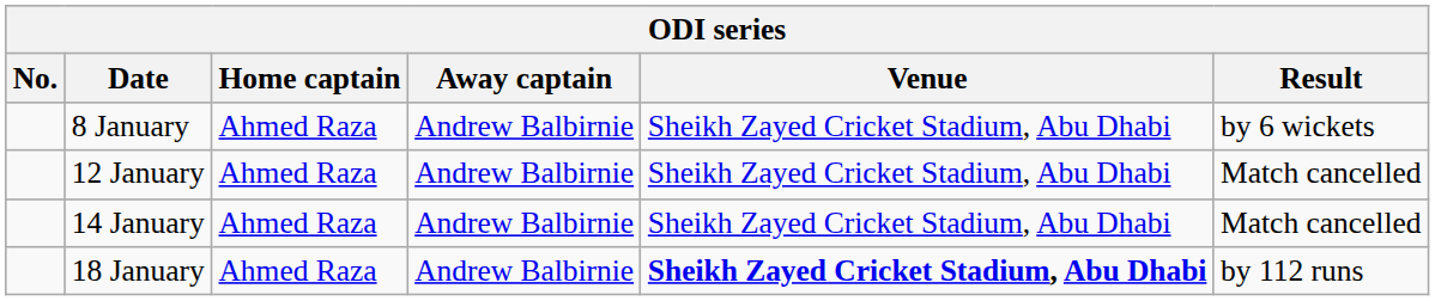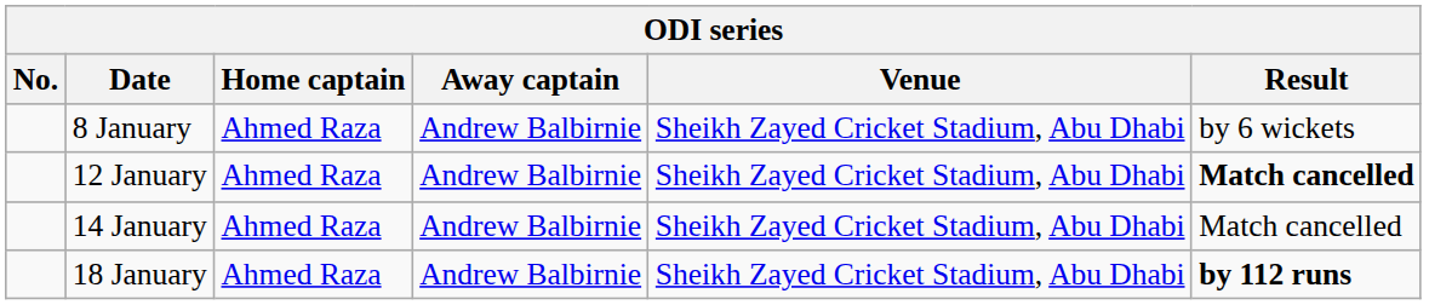 <table class="wikitable">
 <tr>
 <th colspan="9">ODI series</th>
 </tr>
 <tr>
 <th>No.</th>
 <th>Date</th>
 <th>Home captain</th>
 <th>Away captain</th>
 <th>Venue</th>
 <th>Result</th>
 </tr>
 <tr>
 <td></td>
 <td>8 January</td>
 <td><a href='#'>Ahmed Raza</a></td>
 <td><a href='#'>Andrew Balbirnie</a></td>
 <td><a href='#'>Sheikh Zayed Cricket Stadium</a>, <a href='#'>Abu Dhabi</a></td>
 <td> by 6 wickets</td>
 </tr>
 <tr>
 <td></td>
 <td>12 January</td>
 <td><a href='#'>Ahmed Raza</a></td>
 <td><a href='#'>Andrew Balbirnie</a></td>
 <td><a href='#'>Sheikh Zayed Cricket Stadium</a>, <a href='#'>Abu Dhabi</a></td>
-<td>Match cancelled</td>
+<td><strong>Match cancelled</strong></td>
 </tr>
 <tr>
 <td></td>
 <td>14 January</td>
 <td><a href='#'>Ahmed Raza</a></td>
 <td><a href='#'>Andrew Balbirnie</a></td>
 <td><a href='#'>Sheikh Zayed Cricket Stadium</a>, <a href='#'>Abu Dhabi</a></td>
 <td>Match cancelled</td>
 </tr>
 <tr>
 <td></td>
 <td>18 January</td>
 <td><a href='#'>Ahmed Raza</a></td>
 <td><a href='#'>Andrew Balbirnie</a></td>
-<td><strong><a href='#'>Sheikh Zayed Cricket Stadium</a>, <a href='#'>Abu Dhabi</a></strong></td>
-<td> by 112 runs</td>
+<td><a href='#'>Sheikh Zayed Cricket Stadium</a>, <a href='#'>Abu Dhabi</a></td>
+<td><strong> by 112 runs</strong></td>
 </tr>
 </table>
